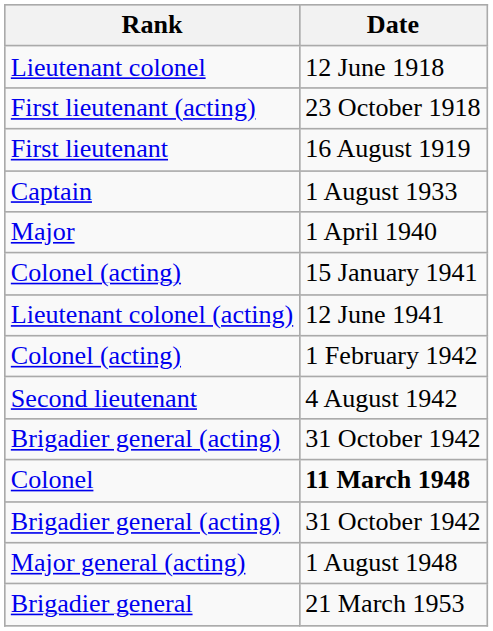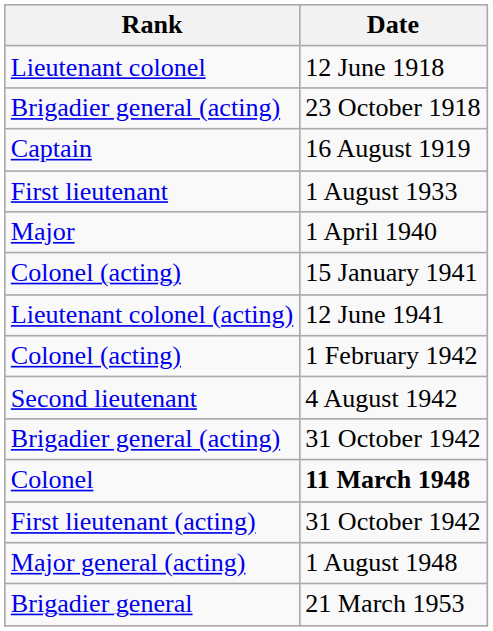 <table class="wikitable">
 <tr>
 <th>Rank</th>
 <th>Date</th>
 </tr>
 <tr>
 <td> <a href='#'>Lieutenant colonel</a></td>
 <td>12 June 1918</td>
 </tr>
 <tr>
-<td> <a href='#'>First lieutenant (acting)</a></td>
+<td> <a href='#'>Brigadier general (acting)</a></td>
 <td>23 October 1918</td>
 </tr>
 <tr>
-<td> <a href='#'>First lieutenant</a></td>
+<td> <a href='#'>Captain</a></td>
 <td>16 August 1919</td>
 </tr>
 <tr>
-<td> <a href='#'>Captain</a></td>
+<td> <a href='#'>First lieutenant</a></td>
 <td>1 August 1933</td>
 </tr>
 <tr>
 <td> <a href='#'>Major</a></td>
 <td>1 April 1940</td>
 </tr>
 <tr>
 <td> <a href='#'>Colonel (acting)</a></td>
 <td>15 January 1941</td>
 </tr>
 <tr>
 <td> <a href='#'>Lieutenant colonel (acting)</a></td>
 <td>12 June 1941</td>
 </tr>
 <tr>
 <td> <a href='#'>Colonel (acting)</a></td>
 <td>1 February 1942</td>
 </tr>
 <tr>
 <td> <a href='#'>Second lieutenant</a></td>
 <td>4 August 1942</td>
 </tr>
 <tr>
 <td> <a href='#'>Brigadier general (acting)</a></td>
 <td>31 October 1942</td>
 </tr>
 <tr>
 <td> <a href='#'>Colonel</a></td>
 <td><strong>11 March 1948</strong></td>
 </tr>
 <tr>
-<td> <a href='#'>Brigadier general (acting)</a></td>
+<td> <a href='#'>First lieutenant (acting)</a></td>
 <td>31 October 1942</td>
 </tr>
 <tr>
 <td> <a href='#'>Major general (acting)</a></td>
 <td>1 August 1948</td>
 </tr>
 <tr>
 <td> <a href='#'>Brigadier general</a></td>
 <td>21 March 1953</td>
 </tr>
 </table>
